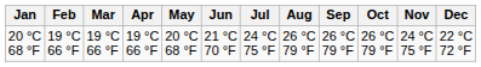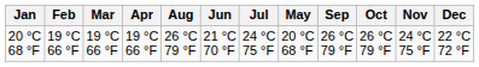 <table class="wikitable">
 <tr>
 <th><strong>Jan</strong></th>
 <th><strong>Feb</strong></th>
 <th><strong>Mar</strong></th>
 <th><strong>Apr</strong></th>
-<th><strong>May</strong></th>
+<th><strong>Aug</strong></th>
 <th><strong>Jun</strong></th>
 <th><strong>Jul</strong></th>
-<th><strong>Aug</strong></th>
+<th><strong>May</strong></th>
 <th><strong>Sep</strong></th>
 <th><strong>Oct</strong></th>
 <th><strong>Nov</strong></th>
 <th><strong>Dec</strong></th>
 </tr>
 <tr>
 <td>20 °C<br>68 °F</td>
 <td>19 °C<br>66 °F</td>
 <td>19 °C<br>66 °F</td>
 <td>19 °C<br>66 °F</td>
-<td>20 °C<br>68 °F</td>
+<td>26 °C<br>79 °F</td>
 <td>21 °C<br>70 °F</td>
 <td>24 °C<br>75 °F</td>
-<td>26 °C<br>79 °F</td>
+<td>20 °C<br>68 °F</td>
 <td>26 °C<br>79 °F</td>
 <td>26 °C<br>79 °F</td>
 <td>24 °C<br>75 °F</td>
 <td>22 °C<br>72 °F</td>
 </tr>
 </table>
